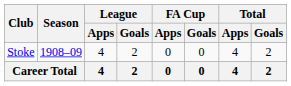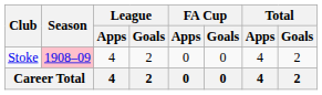 <table class="wikitable" style="text-align: center;">
 <tr>
 <th rowspan="2">Club</th>
 <th rowspan="2">Season</th>
 <th colspan="2">League</th>
 <th colspan="2">FA Cup</th>
 <th colspan="2">Total</th>
 </tr>
 <tr>
 <th>Apps</th>
 <th>Goals</th>
 <th>Apps</th>
 <th>Goals</th>
 <th>Apps</th>
 <th>Goals</th>
 </tr>
 <tr>
 <td><a href='#'>Stoke</a></td>
-<td><a href='#'>1908–09</a></td>
+<td style="background: pink;"><a href='#'>1908–09</a></td>
 <td>4</td>
 <td>2</td>
 <td>0</td>
 <td>0</td>
 <td>4</td>
 <td>2</td>
 </tr>
 <tr>
 <th colspan="2">Career Total</th>
 <th>4</th>
 <th>2</th>
 <th>0</th>
 <th>0</th>
 <th>4</th>
 <th>2</th>
 </tr>
 </table>
